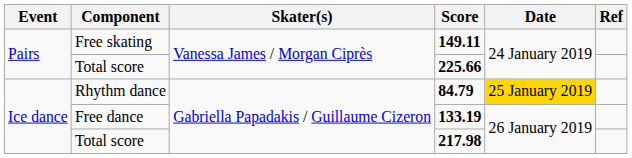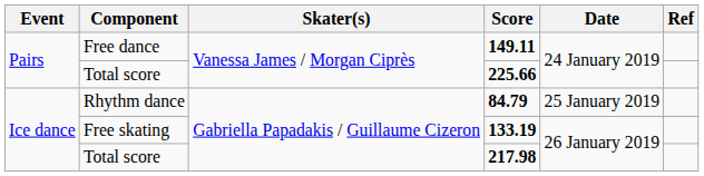 <table class="wikitable sortable">
 <tr>
 <th>Event</th>
 <th>Component</th>
 <th>Skater(s)</th>
 <th>Score</th>
 <th>Date</th>
 <th>Ref</th>
 </tr>
 <tr>
 <td rowspan=2><a href='#'>Pairs</a></td>
-<td>Free skating</td>
+<td>Free dance</td>
 <td rowspan=2> <a href='#'>Vanessa James</a> / <a href='#'>Morgan Ciprès</a></td>
 <td><strong>149.11</strong></td>
 <td rowspan=2>24 January 2019</td>
 <td></td>
 </tr>
 <tr>
 <td>Total score</td>
 <td><strong>225.66</strong></td>
 <td></td>
 </tr>
 <tr>
 <td rowspan=3><a href='#'>Ice dance</a></td>
 <td>Rhythm dance</td>
 <td rowspan=3> <a href='#'>Gabriella Papadakis</a> / <a href='#'>Guillaume Cizeron</a></td>
 <td><strong>84.79</strong></td>
-<td style="background: gold;">25 January 2019</td>
+<td>25 January 2019</td>
 <td></td>
 </tr>
 <tr>
-<td>Free dance</td>
+<td>Free skating</td>
 <td><strong>133.19</strong></td>
 <td rowspan=2>26 January 2019</td>
 <td></td>
 </tr>
 <tr>
 <td>Total score</td>
 <td><strong>217.98</strong></td>
 <td></td>
 </tr>
 </table>
